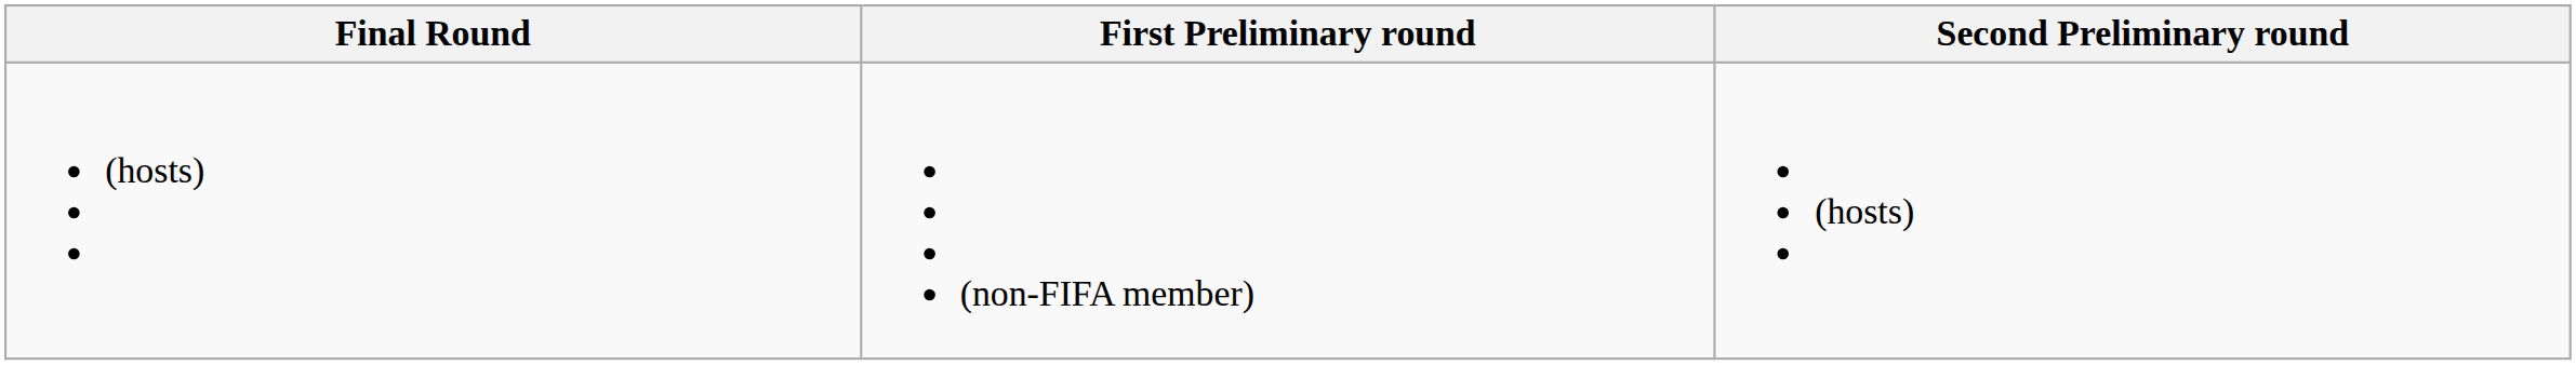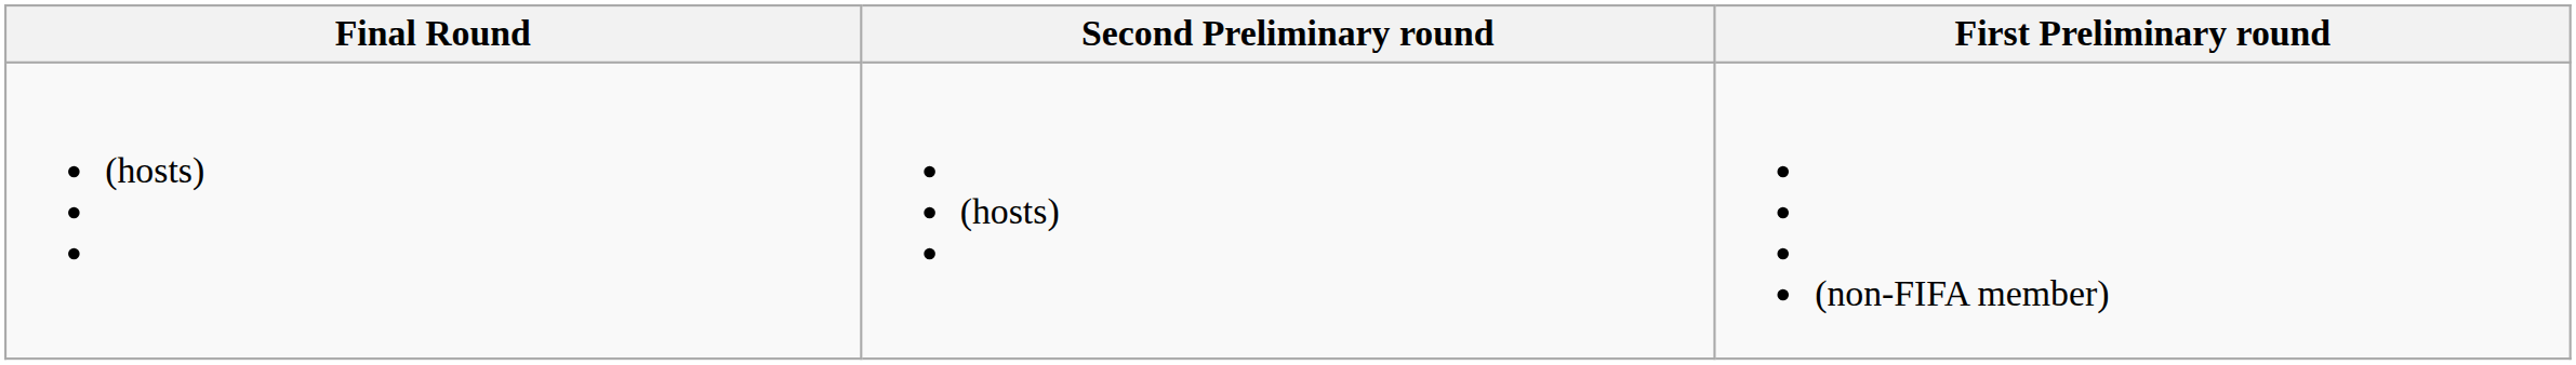 <table class="wikitable" style="width:89%;">
 <tr>
 <th width=33%>Final Round</th>
+<th width=33%>Second Preliminary round</th>
 <th width=33%>First Preliminary round</th>
-<th width=33%>Second Preliminary round</th>
 </tr>
 <tr>
 <td valign=top><br><ul><li> (hosts)</li><li></li><li></li></ul></td>
+<td valign=top><br><ul><li></li><li> (hosts)</li><li></li></ul></td>
 <td valign=top><br><ul><li></li><li></li><li></li><li> (non-FIFA member)</li></ul></td>
-<td valign=top><br><ul><li></li><li> (hosts)</li><li></li></ul></td>
 </tr>
 </table>
